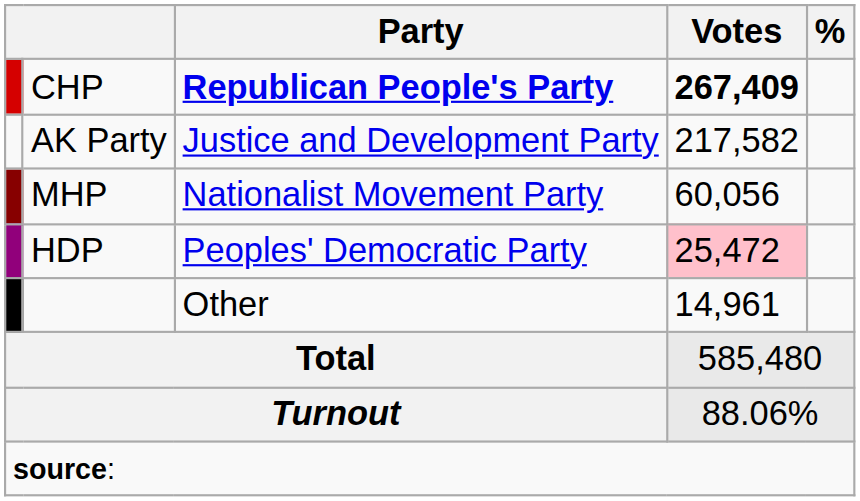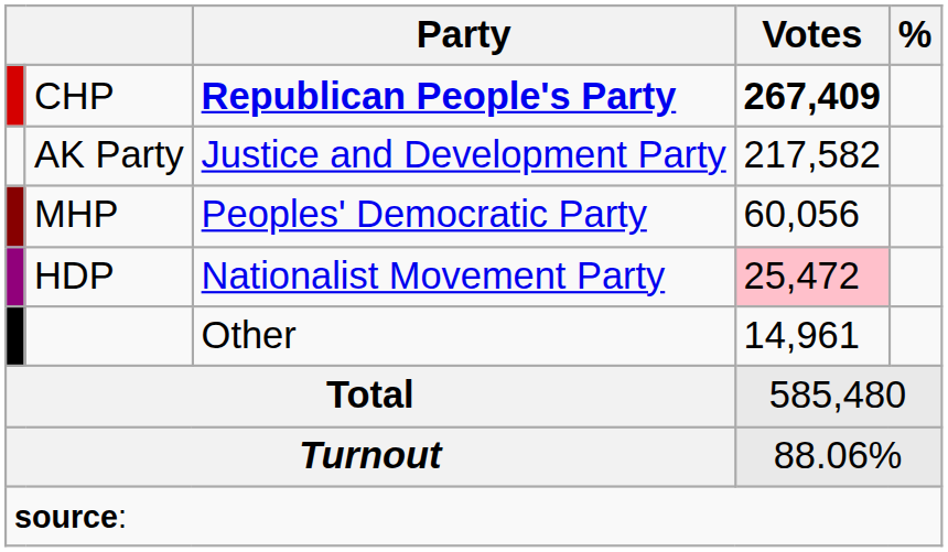 <table class="wikitable">
 <tr>
 <th colspan="2" align="center"></th>
 <th align="center">Party</th>
 <th align="center">Votes</th>
 <th align="center">%</th>
 </tr>
 <tr align="left">
 <td bgcolor="#d50000" width="1"></td>
 <td>CHP</td>
 <td><strong><a href='#'>Republican People's Party</a></strong></td>
 <td><strong>267,409</strong></td>
 <td><strong></strong></td>
 </tr>
 <tr align="left">
 <td></td>
 <td>AK Party</td>
 <td><a href='#'>Justice and Development Party</a></td>
 <td>217,582</td>
 <td></td>
 </tr>
 <tr align="left">
 <td bgcolor="#870000" width="1"></td>
 <td>MHP</td>
-<td><a href='#'>Nationalist Movement Party</a></td>
+<td><a href='#'>Peoples' Democratic Party</a></td>
 <td>60,056</td>
 <td></td>
 </tr>
 <tr align="left">
 <td bgcolor="#91007B" width="1"></td>
 <td>HDP</td>
-<td><a href='#'>Peoples' Democratic Party</a></td>
+<td><a href='#'>Nationalist Movement Party</a></td>
 <td style="background: pink;">25,472</td>
 <td></td>
 </tr>
 <tr align="left">
 <td bgcolor=" " width="1"></td>
 <td></td>
 <td>Other</td>
 <td>14,961</td>
 <td></td>
 </tr>
 <tr align="left" style="background-color:#E9E9E9">
 <th colspan="3" align="center"><strong>Total</strong></th>
 <td colspan="5" align="center">585,480</td>
 </tr>
 <tr align="left" style="background-color:#E9E9E9">
 <th colspan="3" align="center"><em>Turnout</em></th>
 <td colspan="5" align="center">88.06%</td>
 </tr>
 <tr>
 <td colspan="9" align="left"><small><strong>source</strong>: </small></td>
 </tr>
 </table>
